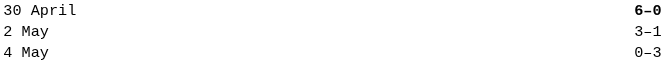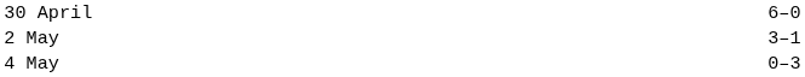 <table cellspacing=1 width=70%>
 <tr>
 <th width=25%></th>
 <th width=30%></th>
 <th width=15%></th>
 <th width=30%></th>
 </tr>
 <tr>
 <td>30 April</td>
 <td align=right></td>
-<td align=center><strong>6–0</strong></td>
+<td align=center>6–0</td>
 <td></td>
 </tr>
 <tr>
 <td>2 May</td>
 <td align=right></td>
 <td align=center>3–1</td>
 <td></td>
 </tr>
 <tr>
 <td>4 May</td>
 <td align=right></td>
 <td align=center>0–3</td>
 <td></td>
 </tr>
 </table>
